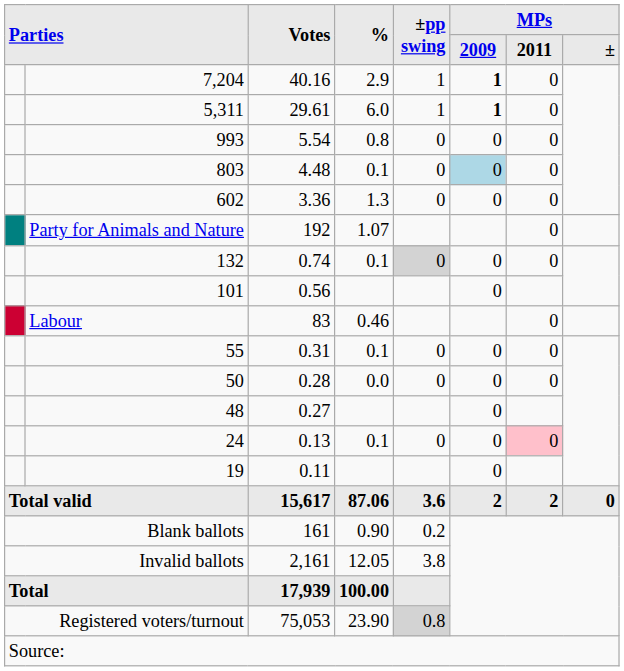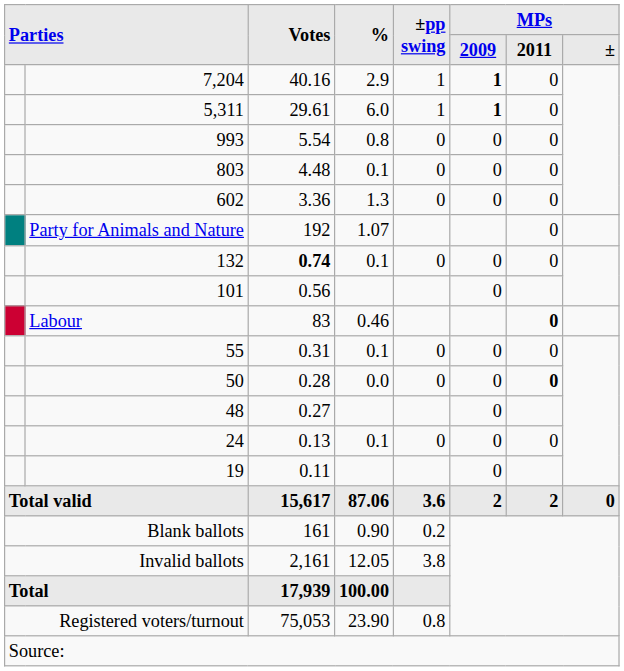 <table class="wikitable" style="text-align:right; font-size:95%;">
 <tr>
 <th rowspan="2" colspan="2" style="background:#e9e9e9; text-align:left;" alignleft><a href='#'>Parties</a></th>
 <th rowspan="2" style="background:#e9e9e9; text-align:right;">Votes</th>
 <th rowspan="2" style="background:#e9e9e9; text-align:right;">%</th>
 <th rowspan="2" style="background:#e9e9e9; text-align:right;">±<a href='#'>pp</a> <a href='#'>swing</a></th>
 <th colspan="3" style="background:#e9e9e9; text-align:center;"><a href='#'>MPs</a></th>
 </tr>
 <tr style="background-color:#E9E9E9">
 <th style="background-color:#E9E9E9;text-align:center;"><a href='#'>2009</a></th>
 <th style="background-color:#E9E9E9;text-align:center;">2011</th>
 <th style="background:#e9e9e9; text-align:right;">±</th>
 </tr>
 <tr>
 <td></td>
 <td>7,204</td>
 <td>40.16</td>
 <td>2.9</td>
 <td>1</td>
 <td><strong>1</strong></td>
 <td>0</td>
 </tr>
 <tr>
 <td></td>
 <td>5,311</td>
 <td>29.61</td>
 <td>6.0</td>
 <td>1</td>
 <td><strong>1</strong></td>
 <td>0</td>
 </tr>
 <tr>
 <td></td>
 <td>993</td>
 <td>5.54</td>
 <td>0.8</td>
 <td>0</td>
 <td>0</td>
 <td>0</td>
 </tr>
 <tr>
 <td></td>
 <td>803</td>
 <td>4.48</td>
 <td>0.1</td>
 <td>0</td>
-<td style="background: lightblue;">0</td>
+<td>0</td>
 <td>0</td>
 </tr>
 <tr>
 <td></td>
 <td>602</td>
 <td>3.36</td>
 <td>1.3</td>
 <td>0</td>
 <td>0</td>
 <td>0</td>
 </tr>
 <tr>
 <td style="width: 10px" bgcolor="teal" align="center"></td>
 <td align="left"><a href='#'>Party for Animals and Nature</a></td>
 <td>192</td>
 <td>1.07</td>
 <td></td>
 <td></td>
 <td>0</td>
 <td></td>
 </tr>
 <tr>
 <td></td>
 <td>132</td>
-<td>0.74</td>
+<td><strong>0.74</strong></td>
 <td>0.1</td>
-<td style="background: lightgrey;">0</td>
+<td>0</td>
 <td>0</td>
 <td>0</td>
 </tr>
 <tr>
 <td></td>
 <td>101</td>
 <td>0.56</td>
 <td></td>
 <td></td>
 <td>0</td>
 <td></td>
 </tr>
 <tr>
 <td style="width: 10px" bgcolor=#CC0033 align="center"></td>
 <td align=left><a href='#'>Labour</a></td>
 <td>83</td>
 <td>0.46</td>
 <td></td>
 <td></td>
-<td>0</td>
+<td><strong>0</strong></td>
 <td></td>
 </tr>
 <tr>
 <td></td>
 <td>55</td>
 <td>0.31</td>
 <td>0.1</td>
 <td>0</td>
 <td>0</td>
 <td>0</td>
 </tr>
 <tr>
 <td></td>
 <td>50</td>
 <td>0.28</td>
 <td>0.0</td>
 <td>0</td>
 <td>0</td>
-<td>0</td>
+<td><strong>0</strong></td>
 </tr>
 <tr>
 <td></td>
 <td>48</td>
 <td>0.27</td>
 <td></td>
 <td></td>
 <td>0</td>
 <td></td>
 </tr>
 <tr>
 <td></td>
 <td>24</td>
 <td>0.13</td>
 <td>0.1</td>
 <td>0</td>
 <td>0</td>
-<td style="background: pink;">0</td>
+<td>0</td>
 </tr>
 <tr>
 <td></td>
 <td>19</td>
 <td>0.11</td>
 <td></td>
 <td></td>
 <td>0</td>
 <td></td>
 </tr>
 <tr>
 <td colspan=2 align=left style="background-color:#E9E9E9"><strong>Total valid</strong></td>
 <td width="65" align="right" style="background-color:#E9E9E9"><strong>15,617</strong></td>
 <td width="40" align="right" style="background-color:#E9E9E9"><strong>87.06</strong></td>
 <td width="40" align="right" style="background-color:#E9E9E9"><strong>3.6</strong></td>
 <td width="40" align="right" style="background-color:#E9E9E9"><strong>2</strong></td>
 <td width="40" align="right" style="background-color:#E9E9E9"><strong>2</strong></td>
 <td width="40" align="right" style="background-color:#E9E9E9"><strong>0</strong></td>
 </tr>
 <tr>
 <td colspan=2>Blank ballots</td>
 <td>161</td>
 <td>0.90</td>
 <td>0.2</td>
 <td colspan=4 rowspan=4></td>
 </tr>
 <tr>
 <td colspan=2>Invalid ballots</td>
 <td>2,161</td>
 <td>12.05</td>
 <td>3.8</td>
 </tr>
 <tr>
 <td colspan=2 align=left style="background-color:#E9E9E9"><strong>Total</strong></td>
 <td width="50" align="right" style="background-color:#E9E9E9"><strong>17,939</strong></td>
 <td width="40" align="right" style="background-color:#E9E9E9"><strong>100.00</strong></td>
 <td width="40" align="right" style="background-color:#E9E9E9"></td>
 </tr>
 <tr>
 <td colspan=2>Registered voters/turnout</td>
 <td>75,053</td>
 <td>23.90</td>
-<td style="background: lightgrey;">0.8</td>
+<td>0.8</td>
 </tr>
 <tr>
 <td colspan=11 align=left>Source: </td>
 </tr>
 </table>
